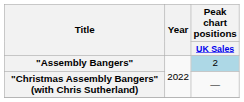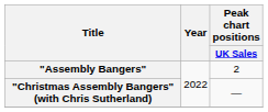 <table class="wikitable plainrowheaders" style="text-align:center;">
 <tr>
 <th scope="col" rowspan="2" style="width:16em;">Title</th>
 <th scope="col" rowspan="2">Year</th>
 <th scope="col">Peak chart positions</th>
 </tr>
 <tr>
 <th scope="col" style="width:2.5em;font-size:90%;"><a href='#'>UK Sales</a></th>
 </tr>
 <tr>
 <th scope="row">"Assembly Bangers"</th>
 <td rowspan="2">2022</td>
-<td style="background: lightblue;">2</td>
+<td>2</td>
 </tr>
 <tr>
 <th scope="row">"Christmas Assembly Bangers"<br>(with Chris Sutherland)</th>
 <td>—</td>
 </tr>
 <tr>
 </tr>
 </table>
